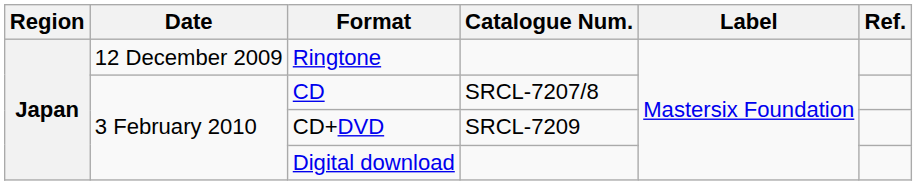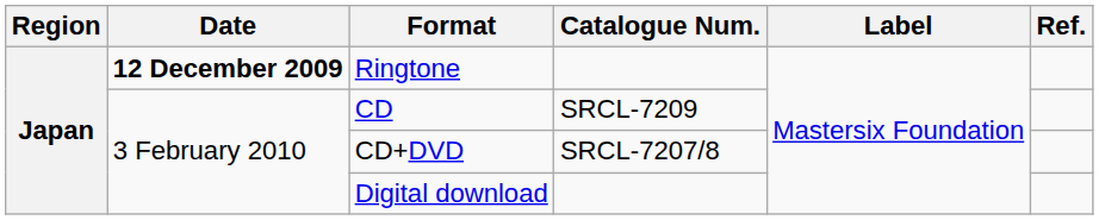 <table class="wikitable sortable plainrowheaders">
 <tr>
 <th scope="col">Region</th>
 <th scope="col">Date</th>
 <th scope="col">Format</th>
 <th scope="col">Catalogue Num.</th>
 <th scope="col">Label</th>
 <th scope="col">Ref.</th>
 </tr>
 <tr>
 <th scope="row" rowspan="4">Japan</th>
-<td>12 December 2009</td>
+<td><strong>12 December 2009</strong></td>
 <td><a href='#'>Ringtone</a></td>
 <td></td>
 <td rowspan="4"><a href='#'>Mastersix Foundation</a></td>
 <td></td>
 </tr>
 <tr>
 <td rowspan="3">3 February 2010</td>
 <td><a href='#'>CD</a></td>
-<td>SRCL-7207/8</td>
+<td>SRCL-7209</td>
 <td></td>
 </tr>
 <tr>
 <td>CD+<a href='#'>DVD</a></td>
-<td>SRCL-7209</td>
+<td>SRCL-7207/8</td>
 <td></td>
 </tr>
 <tr>
 <td><a href='#'>Digital download</a></td>
 <td></td>
 <td></td>
 </tr>
 </table>
